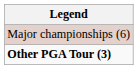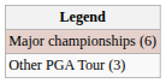 <table class="wikitable" style="font-size:95%;">
 <tr>
 <th>Legend</th>
 </tr>
 <tr style="background:#e5d1cb;">
 <td>Major championships (6)</td>
 </tr>
 <tr>
-<td><strong>Other PGA Tour (3)</strong></td>
+<td>Other PGA Tour (3)</td>
 </tr>
 </table>
